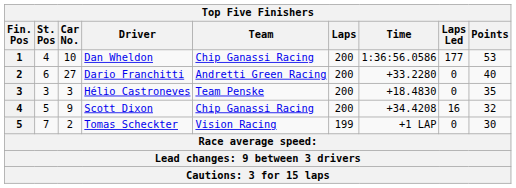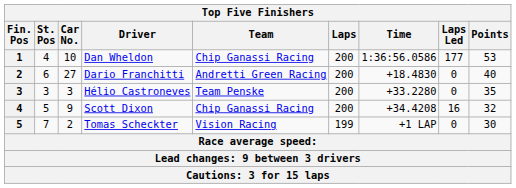 <table class="wikitable" style="font-size:95%;text-align:center">
 <tr>
 <th colspan=9>Top Five Finishers</th>
 </tr>
 <tr>
 <th>Fin.<br>Pos</th>
 <th>St.<br>Pos</th>
 <th>Car<br>No.</th>
 <th>Driver</th>
 <th>Team</th>
 <th>Laps</th>
 <th>Time</th>
 <th>Laps<br>Led</th>
 <th>Points</th>
 </tr>
 <tr>
 <th>1</th>
 <td>4</td>
 <td>10</td>
 <td style="text-align:left"> <a href='#'>Dan Wheldon</a></td>
 <td style="text-align:left"><a href='#'>Chip Ganassi Racing</a></td>
 <td>200</td>
 <td align=right>1:36:56.0586</td>
 <td>177</td>
 <td>53</td>
 </tr>
 <tr>
 <th>2</th>
 <td align=center>6</td>
 <td>27</td>
 <td style="text-align:left"> <a href='#'>Dario Franchitti</a></td>
 <td style="text-align:left"><a href='#'>Andretti Green Racing</a></td>
 <td>200</td>
-<td align=right>+33.2280</td>
+<td align=right>+18.4830</td>
 <td>0</td>
 <td>40</td>
 </tr>
 <tr>
 <th>3</th>
 <td>3</td>
 <td>3</td>
 <td style="text-align:left"> <a href='#'>Hélio Castroneves</a></td>
 <td style="text-align:left"><a href='#'>Team Penske</a></td>
 <td>200</td>
-<td align=right>+18.4830</td>
+<td align=right>+33.2280</td>
 <td>0</td>
 <td>35</td>
 </tr>
 <tr>
 <th>4</th>
 <td>5</td>
 <td>9</td>
 <td style="text-align:left"> <a href='#'>Scott Dixon</a></td>
 <td style="text-align:left"><a href='#'>Chip Ganassi Racing</a></td>
 <td>200</td>
 <td align=right>+34.4208</td>
 <td>16</td>
 <td>32</td>
 </tr>
 <tr>
 <th>5</th>
 <td>7</td>
 <td>2</td>
 <td style="text-align:left"> <a href='#'>Tomas Scheckter</a></td>
 <td style="text-align:left"><a href='#'>Vision Racing</a></td>
 <td>199</td>
 <td align=right>+1 LAP</td>
 <td>0</td>
 <td>30</td>
 </tr>
 <tr>
 <th colspan=9>Race average speed: </th>
 </tr>
 <tr>
 <th colspan=9>Lead changes: 9 between 3 drivers</th>
 </tr>
 <tr>
 <th colspan=9>Cautions: 3 for 15 laps</th>
 </tr>
 </table>
